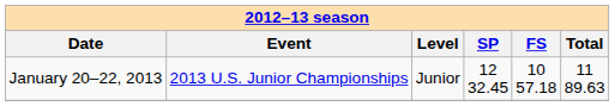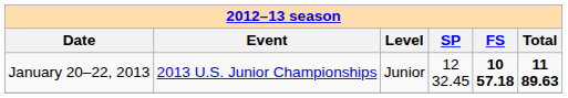 <table class="wikitable">
 <tr>
 <th style="background-color: #ffdead; " colspan=6 align=center><a href='#'>2012–13 season</a></th>
 </tr>
 <tr>
 <th>Date</th>
 <th>Event</th>
 <th>Level</th>
 <th><a href='#'>SP</a></th>
 <th><a href='#'>FS</a></th>
 <th>Total</th>
 </tr>
 <tr>
 <td>January 20–22, 2013</td>
 <td><a href='#'>2013 U.S. Junior Championships</a></td>
 <td>Junior</td>
 <td align=center>12 <br> 32.45</td>
-<td align=center>10 <br> 57.18</td>
-<td align=center>11 <br> 89.63</td>
+<td align=center><strong>10 <br> 57.18</strong></td>
+<td align=center><strong>11 <br> 89.63</strong></td>
 </tr>
 <tr>
 </tr>
 </table>
